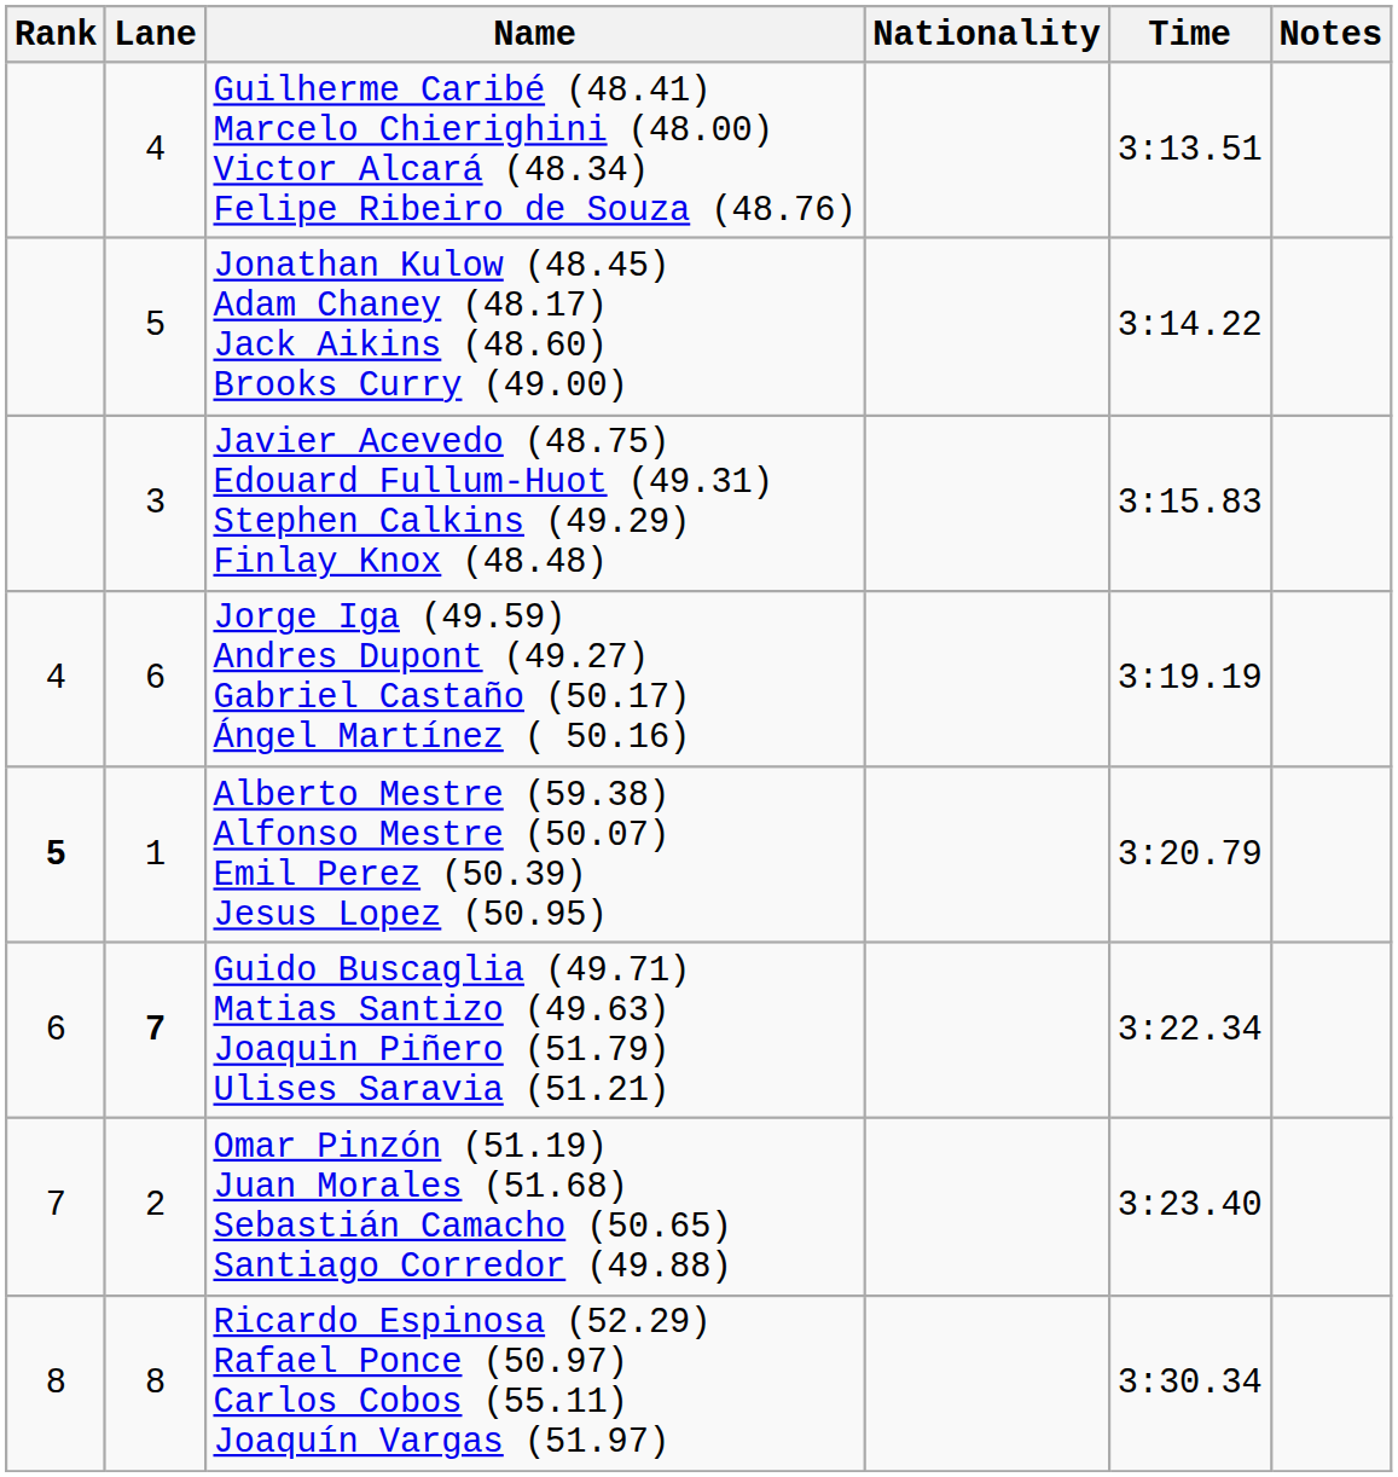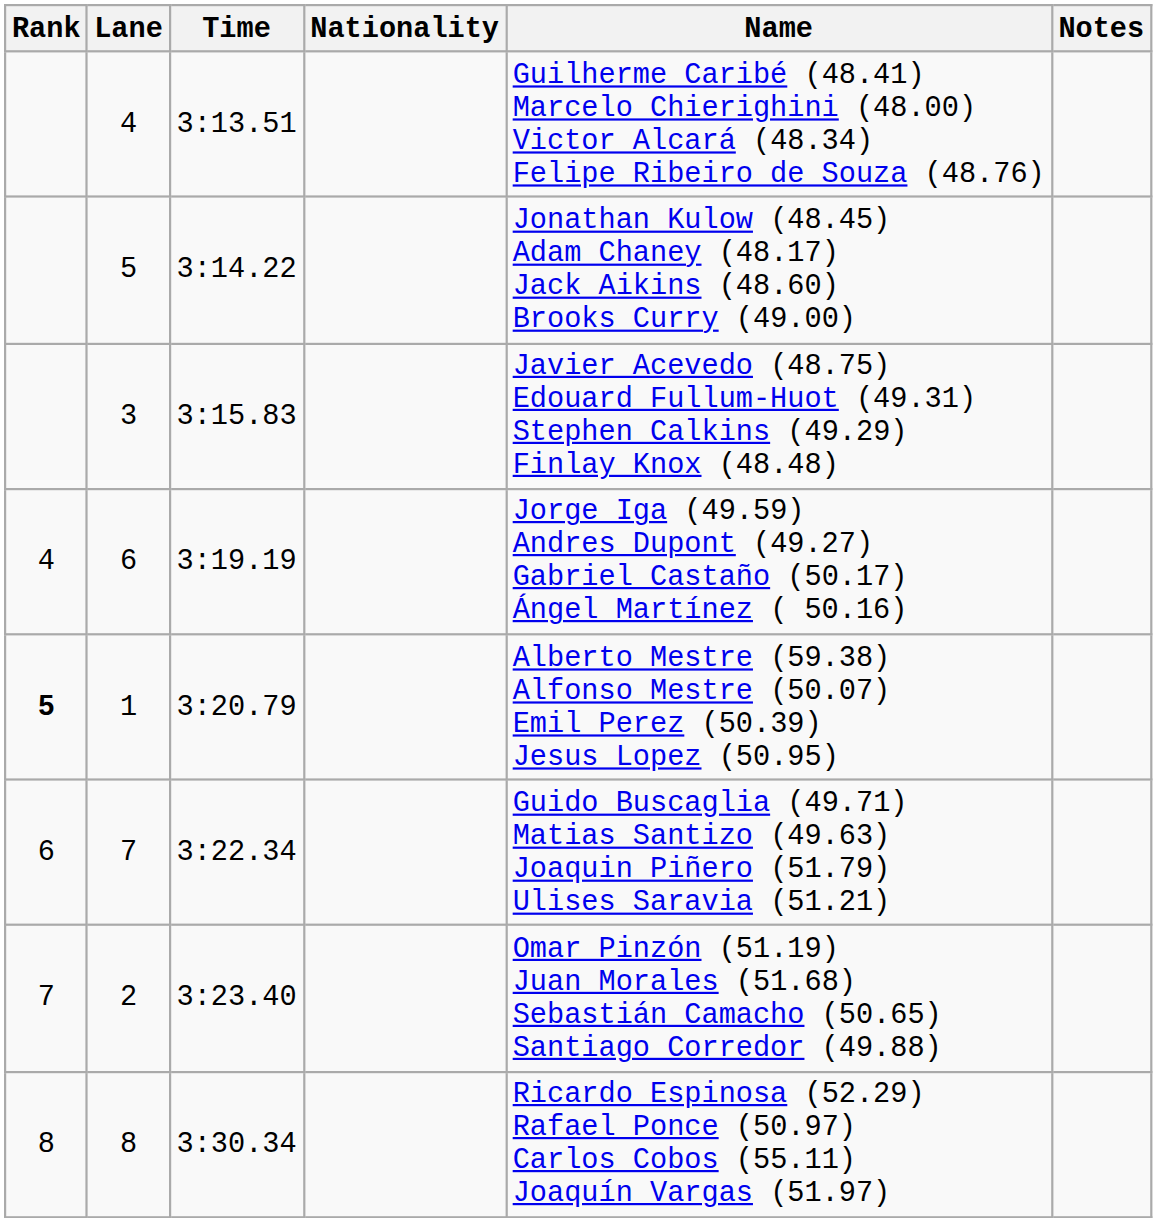 <table class="wikitable sortable" style="text-align:center">
 <tr>
 <th>Rank</th>
 <th>Lane</th>
+<th>Time</th>
+<th>Nationality</th>
 <th>Name</th>
-<th>Nationality</th>
-<th>Time</th>
 <th>Notes</th>
 </tr>
 <tr>
 <td></td>
 <td>4</td>
+<td>3:13.51</td>
+<td align=left></td>
 <td align=left><a href='#'>Guilherme Caribé</a> (48.41)<br><a href='#'>Marcelo Chierighini</a> (48.00)<br><a href='#'>Victor Alcará</a> (48.34)<br><a href='#'>Felipe Ribeiro de Souza</a> (48.76)</td>
-<td align=left></td>
-<td>3:13.51</td>
 <td></td>
 </tr>
 <tr>
 <td></td>
 <td>5</td>
+<td>3:14.22</td>
+<td align=left></td>
 <td align=left><a href='#'>Jonathan Kulow</a> (48.45)<br><a href='#'>Adam Chaney</a> (48.17)<br><a href='#'>Jack Aikins</a> (48.60)<br><a href='#'>Brooks Curry</a> (49.00)</td>
-<td align=left></td>
-<td>3:14.22</td>
 <td></td>
 </tr>
 <tr>
 <td></td>
 <td>3</td>
+<td>3:15.83</td>
+<td align=left></td>
 <td align=left><a href='#'>Javier Acevedo</a> (48.75)<br><a href='#'>Edouard Fullum-Huot</a> (49.31)<br><a href='#'>Stephen Calkins</a> (49.29)<br><a href='#'>Finlay Knox</a> (48.48)</td>
-<td align=left></td>
-<td>3:15.83</td>
 <td></td>
 </tr>
 <tr>
 <td>4</td>
 <td>6</td>
+<td>3:19.19</td>
+<td align=left></td>
 <td align=left><a href='#'>Jorge Iga</a> (49.59)<br><a href='#'>Andres Dupont</a> (49.27)<br><a href='#'>Gabriel Castaño</a> (50.17)<br><a href='#'>Ángel Martínez</a> ( 50.16)</td>
-<td align=left></td>
-<td>3:19.19</td>
 <td></td>
 </tr>
 <tr>
 <td><strong>5</strong></td>
 <td>1</td>
+<td>3:20.79</td>
+<td align=left></td>
 <td align=left><a href='#'>Alberto Mestre</a> (59.38)<br><a href='#'>Alfonso Mestre</a> (50.07)<br><a href='#'>Emil Perez</a> (50.39)<br><a href='#'>Jesus Lopez</a> (50.95)</td>
-<td align=left></td>
-<td>3:20.79</td>
 <td></td>
 </tr>
 <tr>
 <td>6</td>
-<td><strong>7</strong></td>
+<td>7</td>
+<td>3:22.34</td>
+<td align=left></td>
 <td align=left><a href='#'>Guido Buscaglia</a> (49.71)<br><a href='#'>Matias Santizo</a> (49.63)<br><a href='#'>Joaquin Piñero</a> (51.79)<br><a href='#'>Ulises Saravia</a> (51.21)</td>
-<td align=left></td>
-<td>3:22.34</td>
 <td></td>
 </tr>
 <tr>
 <td>7</td>
 <td>2</td>
+<td>3:23.40</td>
+<td align=left></td>
 <td align=left><a href='#'>Omar Pinzón</a> (51.19)<br><a href='#'>Juan Morales</a> (51.68)<br><a href='#'>Sebastián Camacho</a> (50.65)<br><a href='#'>Santiago Corredor</a> (49.88)</td>
-<td align=left></td>
-<td>3:23.40</td>
 <td></td>
 </tr>
 <tr>
 <td>8</td>
 <td>8</td>
+<td>3:30.34</td>
+<td align=left></td>
 <td align=left><a href='#'>Ricardo Espinosa</a> (52.29)<br><a href='#'>Rafael Ponce</a> (50.97)<br><a href='#'>Carlos Cobos</a> (55.11)<br><a href='#'>Joaquín Vargas</a> (51.97)</td>
-<td align=left></td>
-<td>3:30.34</td>
 <td></td>
 </tr>
 </table>
